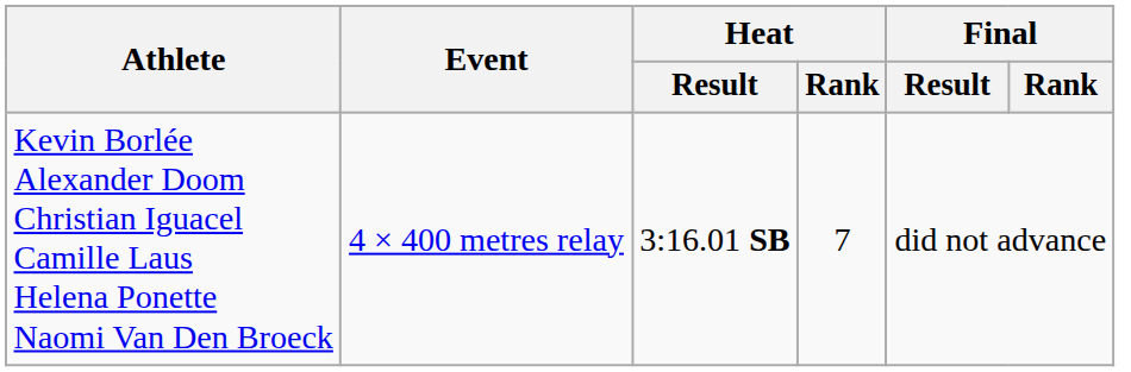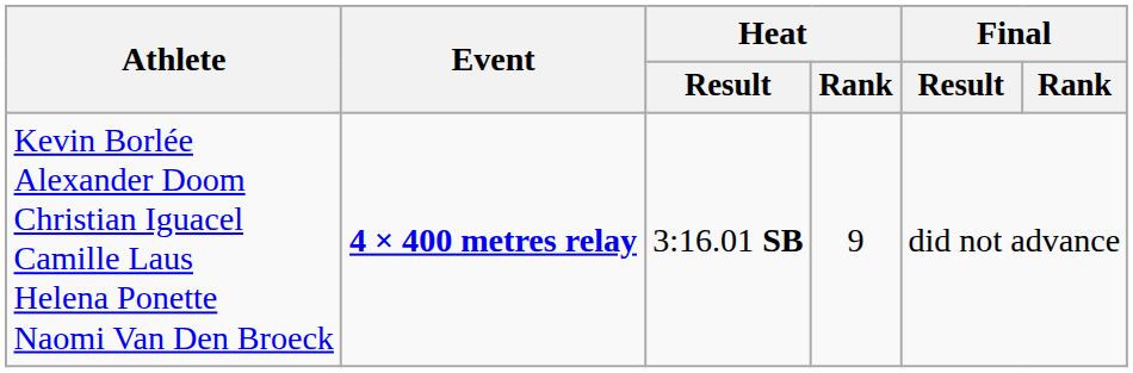 <table class=wikitable style=font-size:90%>
 <tr>
 <th rowspan=2>Athlete</th>
 <th rowspan=2>Event</th>
 <th colspan=2>Heat</th>
 <th colspan=2>Final</th>
 </tr>
 <tr style=font-size:95%>
 <th>Result</th>
 <th>Rank</th>
 <th>Result</th>
 <th>Rank</th>
 </tr>
 <tr align=center>
 <td align=left><a href='#'>Kevin Borlée</a><br><a href='#'>Alexander Doom</a><br><a href='#'>Christian Iguacel</a><br><a href='#'>Camille Laus</a><br><a href='#'>Helena Ponette</a><br><a href='#'>Naomi Van Den Broeck</a></td>
-<td align=left><a href='#'>4 × 400 metres relay</a></td>
+<td align=left><strong><a href='#'>4 × 400 metres relay</a></strong></td>
 <td>3:16.01 <strong>SB</strong></td>
-<td>7</td>
+<td>9</td>
 <td colspan=2>did not advance</td>
 </tr>
 </table>
